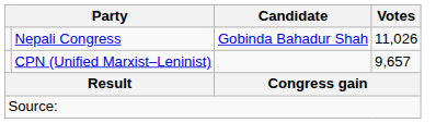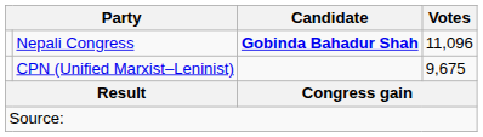 <table class="wikitable">
 <tr>
 <th colspan="2">Party</th>
 <th>Candidate</th>
 <th>Votes</th>
 </tr>
 <tr>
 <td style="background-color:"></td>
 <td><a href='#'>Nepali Congress</a></td>
-<td><a href='#'>Gobinda Bahadur Shah</a></td>
-<td>11,026</td>
+<td><strong><a href='#'>Gobinda Bahadur Shah</a></strong></td>
+<td>11,096</td>
 </tr>
 <tr>
 <td style="background-color:"></td>
 <td><a href='#'>CPN (Unified Marxist–Leninist)</a></td>
 <td></td>
-<td>9,657</td>
+<td>9,675</td>
 </tr>
 <tr>
 <th colspan="2">Result</th>
 <th colspan="2">Congress gain</th>
 </tr>
 <tr>
 <td colspan="4">Source: </td>
 </tr>
 </table>
